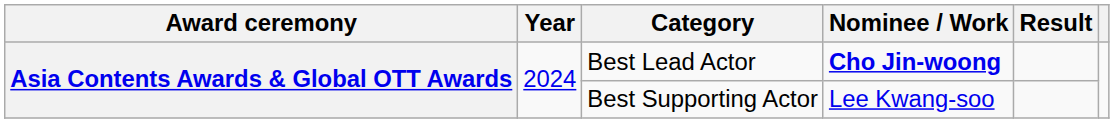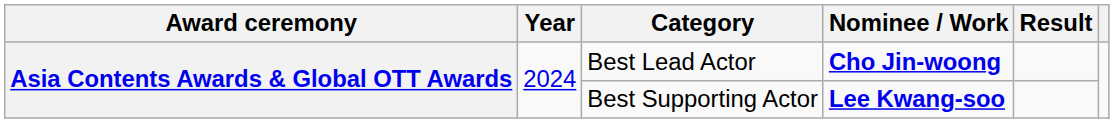 <table class="wikitable plainrowheaders sortable">
 <tr>
 <th scope="col">Award ceremony</th>
 <th scope="col">Year</th>
 <th scope="col">Category</th>
 <th scope="col">Nominee / Work</th>
 <th scope="col">Result</th>
 <th scope="col" class="unsortable"></th>
 </tr>
 <tr>
 <th scope="row" rowspan="2"><a href='#'>Asia Contents Awards & Global OTT Awards</a></th>
 <td rowspan="2" style="text-align:center"><a href='#'>2024</a></td>
 <td>Best Lead Actor</td>
 <td><strong><a href='#'>Cho Jin-woong</a></strong></td>
 <td></td>
 <td rowspan="2" style="text-align:center"></td>
 </tr>
 <tr>
 <td>Best Supporting Actor</td>
-<td><a href='#'>Lee Kwang-soo</a></td>
+<td><strong><a href='#'>Lee Kwang-soo</a></strong></td>
 <td></td>
 </tr>
 </table>
